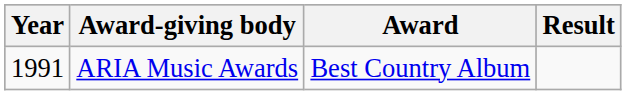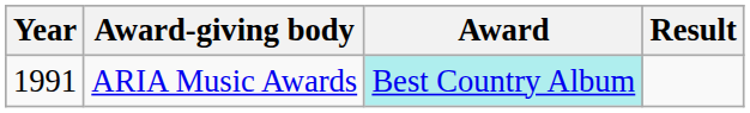 <table class="wikitable">
 <tr>
 <th>Year</th>
 <th>Award-giving body</th>
 <th>Award</th>
 <th>Result</th>
 </tr>
 <tr>
 <td rowspan="4">1991</td>
 <td rowspan="1"><a href='#'>ARIA Music Awards</a></td>
-<td><a href='#'>Best Country Album</a></td>
+<td style="background: paleturquoise;"><a href='#'>Best Country Album</a></td>
 <td></td>
 </tr>
 </table>
